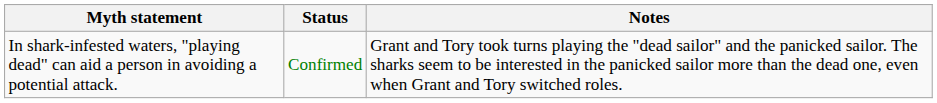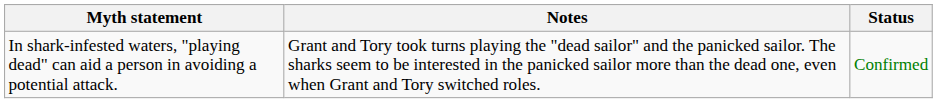 <table class="wikitable plainrowheaders">
 <tr>
 <th>Myth statement</th>
+<th>Notes</th>
 <th>Status</th>
-<th>Notes</th>
 </tr>
 <tr>
 <td>In shark-infested waters, "playing dead" can aid a person in avoiding a potential attack.</td>
+<td>Grant and Tory took turns playing the "dead sailor" and the panicked sailor. The sharks seem to be interested in the panicked sailor more than the dead one, even when Grant and Tory switched roles.</td>
 <td style="color:green">Confirmed</td>
-<td>Grant and Tory took turns playing the "dead sailor" and the panicked sailor. The sharks seem to be interested in the panicked sailor more than the dead one, even when Grant and Tory switched roles.</td>
 </tr>
 </table>
